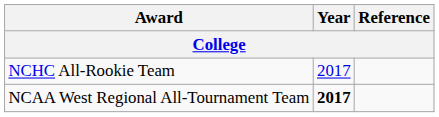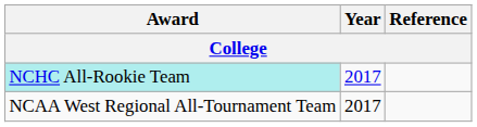 <table class="wikitable">
 <tr>
 <th>Award</th>
 <th>Year</th>
 <th>Reference</th>
 </tr>
 <tr>
 <th align="center" colspan="3"><a href='#'>College</a></th>
 </tr>
 <tr>
-<td><a href='#'>NCHC</a> All-Rookie Team</td>
+<td style="background: paleturquoise;"><a href='#'>NCHC</a> All-Rookie Team</td>
 <td><a href='#'>2017</a></td>
 <td></td>
 </tr>
 <tr>
 <td>NCAA West Regional All-Tournament Team</td>
-<td><strong>2017</strong></td>
+<td>2017</td>
 <td></td>
 </tr>
 </table>
